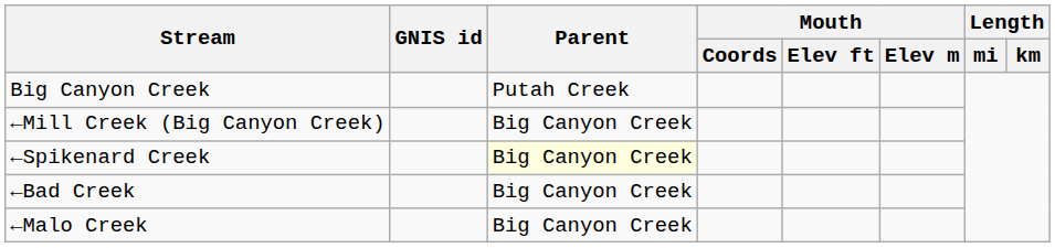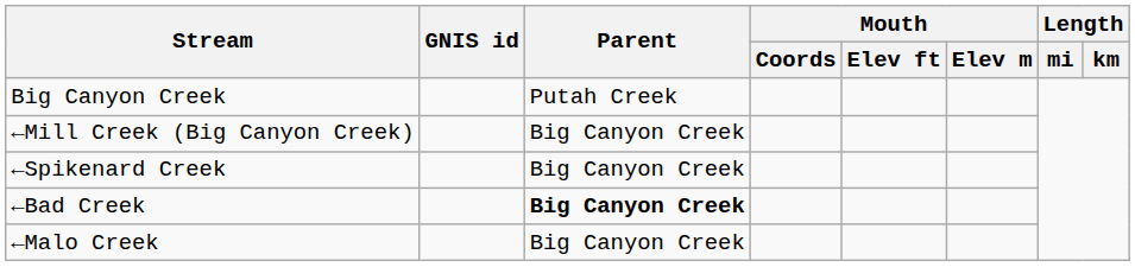 <table class="wikitable sortable">
 <tr>
 <th rowspan=2>Stream</th>
 <th rowspan=2>GNIS id</th>
 <th rowspan=2>Parent</th>
 <th colspan=3>Mouth</th>
 <th colspan=2>Length</th>
 </tr>
 <tr>
 <th>Coords</th>
 <th>Elev ft</th>
 <th>Elev m</th>
 <th>mi</th>
 <th>km</th>
 </tr>
 <tr>
 <td> Big Canyon Creek</td>
 <td></td>
 <td>Putah Creek</td>
 <td></td>
 <td></td>
 <td></td>
 </tr>
 <tr>
 <td> ←Mill Creek (Big Canyon Creek)</td>
 <td></td>
 <td>Big Canyon Creek</td>
 <td></td>
 <td></td>
 <td></td>
 </tr>
 <tr>
 <td> ←Spikenard Creek</td>
 <td></td>
-<td style="background: lightyellow;">Big Canyon Creek</td>
+<td>Big Canyon Creek</td>
 <td></td>
 <td></td>
 <td></td>
 </tr>
 <tr>
 <td> ←Bad Creek</td>
 <td></td>
-<td>Big Canyon Creek</td>
+<td><strong>Big Canyon Creek</strong></td>
 <td></td>
 <td></td>
 <td></td>
 </tr>
 <tr>
 <td> ←Malo Creek</td>
 <td></td>
 <td>Big Canyon Creek</td>
 <td></td>
 <td></td>
 <td></td>
 </tr>
 </table>
